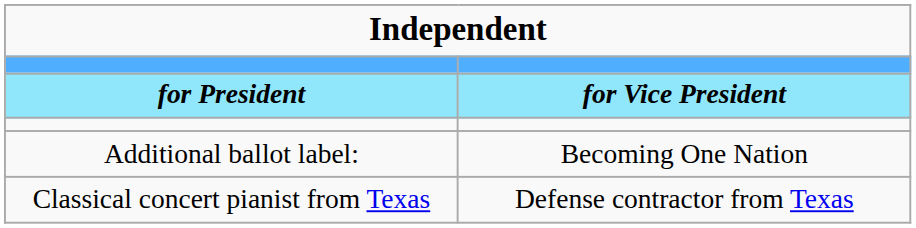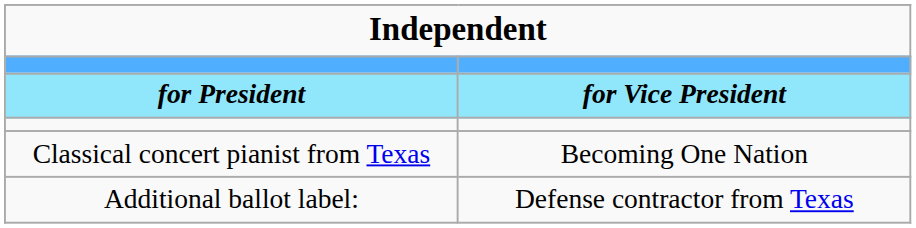 <table class="wikitable" style="font-size:90%; text-align:center;">
 <tr>
 <td colspan=2><big><strong>Independent</strong></big></td>
 </tr>
 <tr>
 <th style="font-size:135%; background:#50AEFF"></th>
 <th style="font-size:135%; background:#50AEFF"></th>
 </tr>
 <tr style="color:#000; background:#90E6FA; font-size:100%">
 <td><strong><em>for President</em></strong></td>
 <td><strong><em>for Vice President</em></strong></td>
 </tr>
 <tr>
 <td></td>
 <td></td>
 </tr>
 <tr>
-<td>Additional ballot label:</td>
+<td style=width:16em>Classical concert pianist from <a href='#'>Texas</a></td>
 <td>Becoming One Nation</td>
 </tr>
 <tr>
-<td style=width:16em>Classical concert pianist from <a href='#'>Texas</a></td>
+<td>Additional ballot label:</td>
 <td style=width:16em>Defense contractor from <a href='#'>Texas</a></td>
 </tr>
 </table>
